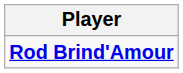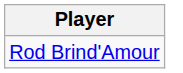 <table class="wikitable">
 <tr>
 <th>Player</th>
 </tr>
 <tr>
-<td><strong><a href='#'>Rod Brind'Amour</a></strong></td>
+<td><a href='#'>Rod Brind'Amour</a></td>
 </tr>
 </table>
